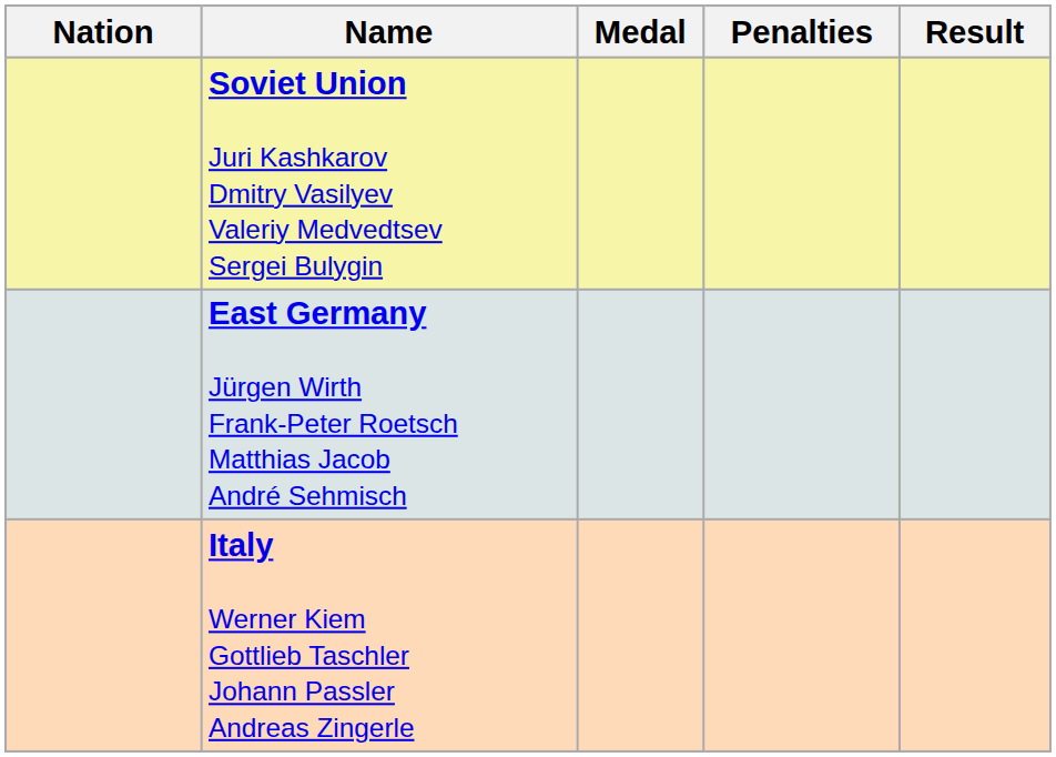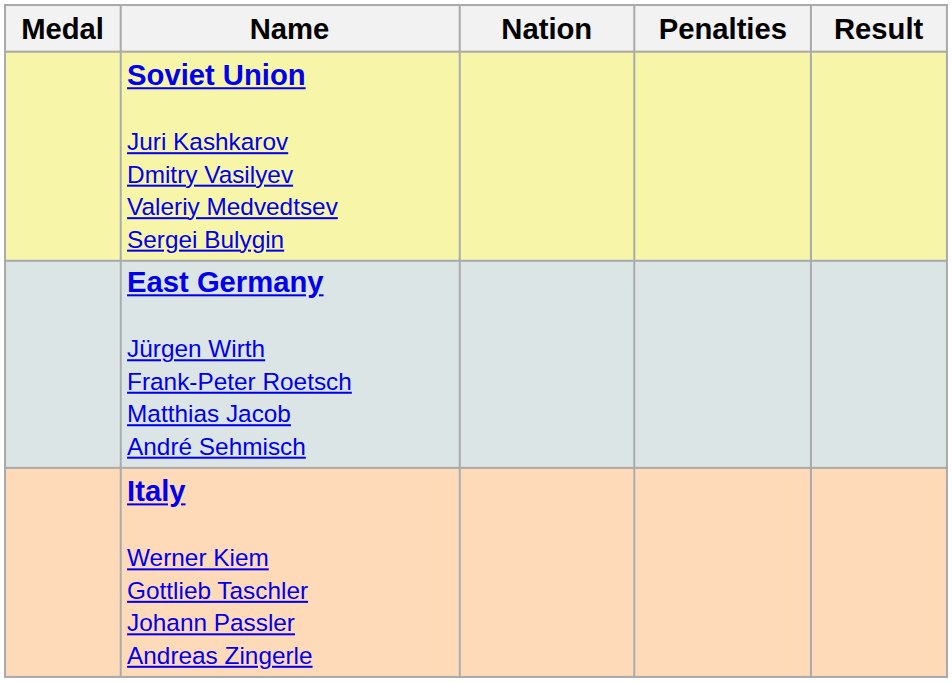 <table class=wikitable style="border:1px solid #AAAAAA;font-size:90%">
 <tr bgcolor="#E4E4E4">
+<th style="border-bottom:1px solid #AAAAAA" width=50>Medal</th>
+<th style="border-bottom:1px solid #AAAAAA" width=160>Name</th>
 <th style="border-bottom:1px solid #AAAAAA" width=80>Nation</th>
-<th style="border-bottom:1px solid #AAAAAA" width=160>Name</th>
-<th style="border-bottom:1px solid #AAAAAA" width=50>Medal</th>
 <th style="border-bottom:1px solid #AAAAAA" width=80>Penalties</th>
 <th style="border-bottom:1px solid #AAAAAA" width=60>Result</th>
 </tr>
 <tr bgcolor="#F7F6A8">
+<td align="center"></td>
+<td><strong><a href='#'>Soviet Union</a></strong><br><br><small><a href='#'>Juri Kashkarov</a><br><a href='#'>Dmitry Vasilyev</a><br><a href='#'>Valeriy Medvedtsev</a><br><a href='#'>Sergei Bulygin</a></small></td>
 <td></td>
-<td><strong><a href='#'>Soviet Union</a></strong><br><br><small><a href='#'>Juri Kashkarov</a><br><a href='#'>Dmitry Vasilyev</a><br><a href='#'>Valeriy Medvedtsev</a><br><a href='#'>Sergei Bulygin</a></small></td>
-<td align="center"></td>
 <td align="center"></td>
 <td align="center"></td>
 </tr>
 <tr bgcolor="#DCE5E5">
+<td align="center"></td>
+<td><strong><a href='#'>East Germany</a></strong><br><br><small><a href='#'>Jürgen Wirth</a><br><a href='#'>Frank-Peter Roetsch</a><br><a href='#'>Matthias Jacob</a><br><a href='#'>André Sehmisch</a></small></td>
 <td></td>
-<td><strong><a href='#'>East Germany</a></strong><br><br><small><a href='#'>Jürgen Wirth</a><br><a href='#'>Frank-Peter Roetsch</a><br><a href='#'>Matthias Jacob</a><br><a href='#'>André Sehmisch</a></small></td>
-<td align="center"></td>
 <td align="center"></td>
 <td align="right"></td>
 </tr>
 <tr bgcolor="#FFDAB9">
+<td align="center"></td>
+<td><strong><a href='#'>Italy</a></strong><br><br><small><a href='#'>Werner Kiem</a><br><a href='#'>Gottlieb Taschler</a><br><a href='#'>Johann Passler</a><br><a href='#'>Andreas Zingerle</a></small></td>
 <td></td>
-<td><strong><a href='#'>Italy</a></strong><br><br><small><a href='#'>Werner Kiem</a><br><a href='#'>Gottlieb Taschler</a><br><a href='#'>Johann Passler</a><br><a href='#'>Andreas Zingerle</a></small></td>
-<td align="center"></td>
 <td align="center"></td>
 <td align="right"></td>
 </tr>
 </table>
